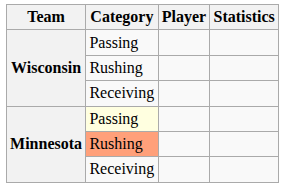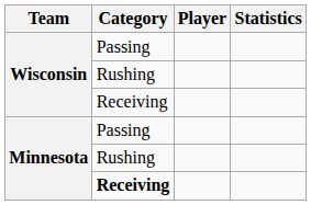 <table class="wikitable" style="float:right">
 <tr>
 <th>Team</th>
 <th>Category</th>
 <th>Player</th>
 <th>Statistics</th>
 </tr>
 <tr>
 <th rowspan=3>Wisconsin</th>
 <td>Passing</td>
 <td></td>
 <td></td>
 </tr>
 <tr>
 <td>Rushing</td>
 <td></td>
 <td></td>
 </tr>
 <tr>
 <td>Receiving</td>
 <td></td>
 <td></td>
 </tr>
 <tr>
 <th rowspan=3>Minnesota</th>
-<td style="background: lightyellow;">Passing</td>
+<td>Passing</td>
 <td></td>
 <td></td>
 </tr>
 <tr>
-<td style="background: lightsalmon;">Rushing</td>
+<td>Rushing</td>
 <td></td>
 <td></td>
 </tr>
 <tr>
-<td>Receiving</td>
+<td><strong>Receiving</strong></td>
 <td></td>
 <td></td>
 </tr>
 </table>
